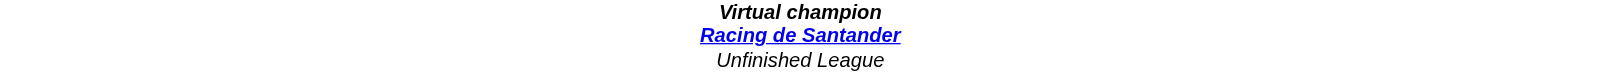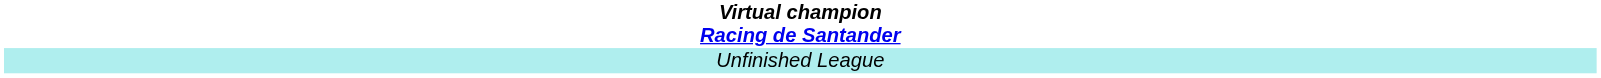 <table cellspacing="0" width=100%>
 <tr>
 <td align=center>    </td>
 </tr>
 <tr>
 <td align=center><strong><em>Virtual champion<br><a href='#'>Racing de Santander</a></em></strong></td>
 </tr>
 <tr>
-<td align=center><em>Unfinished League</em></td>
+<td align=center style="background: paleturquoise;"><em>Unfinished League</em></td>
 </tr>
 </table>
